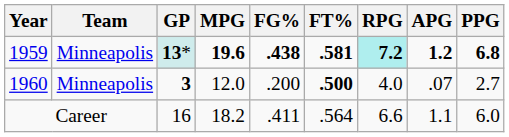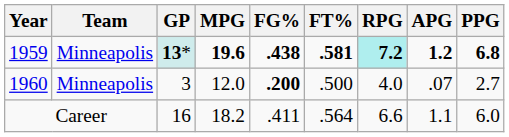 <table class="wikitable sortable" style="font-size:95%; text-align:right;">
 <tr>
 <th>Year</th>
 <th>Team</th>
 <th>GP</th>
 <th>MPG</th>
 <th>FG%</th>
 <th>FT%</th>
 <th>RPG</th>
 <th>APG</th>
 <th>PPG</th>
 </tr>
 <tr>
 <td style="text-align:left;"><a href='#'>1959</a></td>
 <td style="text-align:left;"><a href='#'>Minneapolis</a></td>
 <td style="background:#CFECEC;"><strong>13</strong>*</td>
 <td><strong>19.6</strong></td>
 <td><strong>.438</strong></td>
 <td><strong>.581</strong></td>
 <td style="background: paleturquoise;"><strong>7.2</strong></td>
 <td><strong>1.2</strong></td>
 <td><strong>6.8</strong></td>
 </tr>
 <tr>
 <td style="text-align:left;"><a href='#'>1960</a></td>
 <td style="text-align:left;"><a href='#'>Minneapolis</a></td>
-<td><strong>3</strong></td>
+<td>3</td>
 <td>12.0</td>
-<td>.200</td>
-<td><strong>.500</strong></td>
+<td><strong>.200</strong></td>
+<td>.500</td>
 <td>4.0</td>
 <td>.07</td>
 <td>2.7</td>
 </tr>
 <tr>
 <td colspan="2" style="text-align:center;">Career</td>
 <td>16</td>
 <td>18.2</td>
 <td>.411</td>
 <td>.564</td>
 <td>6.6</td>
 <td>1.1</td>
 <td>6.0</td>
 </tr>
 </table>
